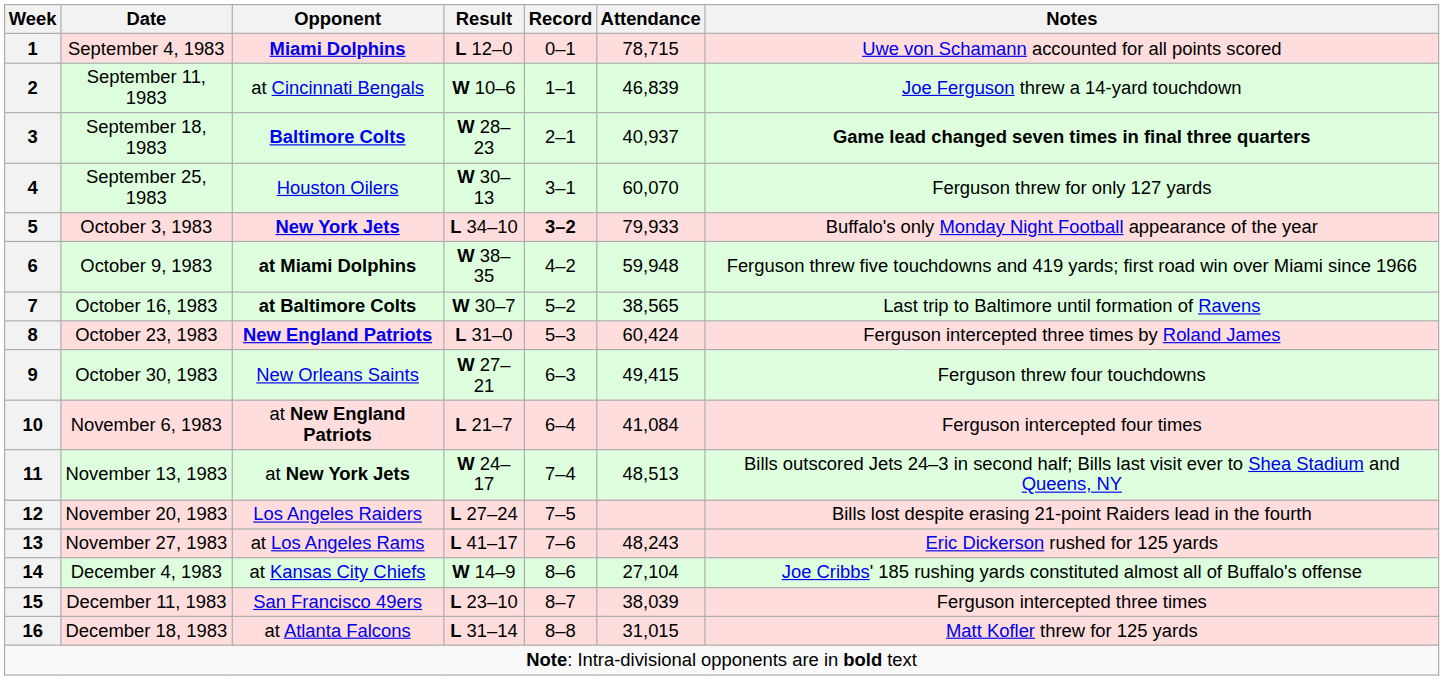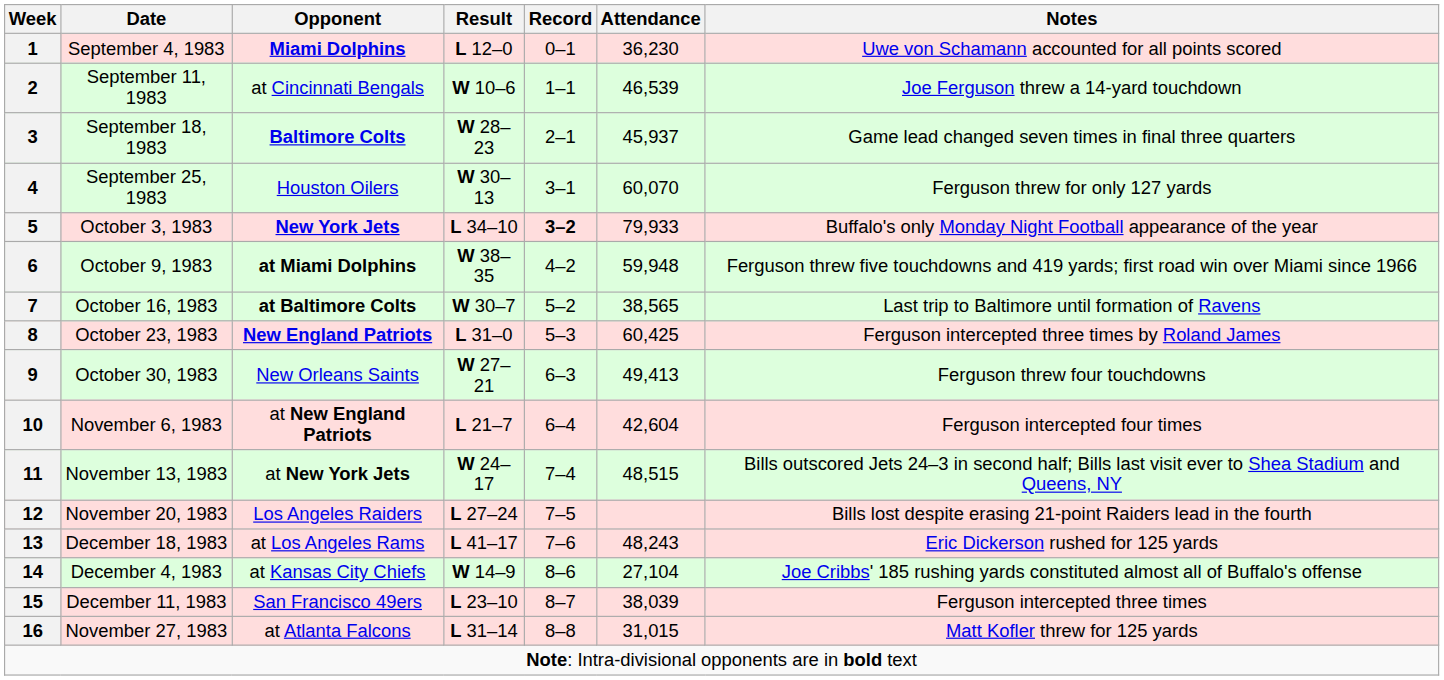 <table {| class="wikitable" style="text-align:center;">
 <tr>
 <th>Week</th>
 <th>Date</th>
 <th>Opponent</th>
 <th>Result</th>
 <th>Record</th>
 <th>Attendance</th>
 <th>Notes</th>
 </tr>
 <tr style="background: #ffdddd;">
 <th>1</th>
 <td>September 4, 1983</td>
 <td><a href='#'><strong>Miami Dolphins</strong></a></td>
 <td><strong>L</strong> 12–0</td>
 <td>0–1</td>
-<td>78,715</td>
+<td>36,230</td>
 <td><a href='#'>Uwe von Schamann</a> accounted for all points scored</td>
 </tr>
 <tr style="background: #ddffdd;">
 <th>2</th>
 <td>September 11, 1983</td>
 <td>at <a href='#'>Cincinnati Bengals</a></td>
 <td><strong>W</strong> 10–6</td>
 <td>1–1</td>
-<td>46,839</td>
+<td>46,539</td>
 <td><a href='#'>Joe Ferguson</a> threw a 14-yard touchdown</td>
 </tr>
 <tr style="background: #ddffdd;">
 <th>3</th>
 <td>September 18, 1983</td>
 <td><a href='#'><strong>Baltimore Colts</strong></a></td>
 <td><strong>W</strong> 28–23</td>
 <td>2–1</td>
-<td>40,937</td>
-<td><strong>Game lead changed seven times in final three quarters</strong></td>
+<td>45,937</td>
+<td>Game lead changed seven times in final three quarters</td>
 </tr>
 <tr style="background: #ddffdd;">
 <th>4</th>
 <td>September 25, 1983</td>
 <td><a href='#'>Houston Oilers</a></td>
 <td><strong>W</strong> 30–13</td>
 <td>3–1</td>
 <td>60,070</td>
 <td>Ferguson threw for only 127 yards</td>
 </tr>
 <tr style="background: #ffdddd;">
 <th>5</th>
 <td>October 3, 1983</td>
 <td><a href='#'><strong>New York Jets</strong></a></td>
 <td><strong>L</strong> 34–10</td>
 <td><strong>3–2</strong></td>
 <td>79,933</td>
 <td>Buffalo's only <a href='#'>Monday Night Football</a> appearance of the year</td>
 </tr>
 <tr style="background: #ddffdd;">
 <th>6</th>
 <td>October 9, 1983</td>
 <td><strong>at Miami Dolphins</strong></td>
 <td><strong>W</strong> 38–35</td>
 <td>4–2</td>
 <td>59,948</td>
 <td>Ferguson threw five touchdowns and 419 yards; first road win over Miami since 1966</td>
 </tr>
 <tr style="background: #ddffdd;">
 <th>7</th>
 <td>October 16, 1983</td>
 <td><strong>at Baltimore Colts</strong></td>
 <td><strong>W</strong> 30–7</td>
 <td>5–2</td>
 <td>38,565</td>
 <td>Last trip to Baltimore until formation of <a href='#'>Ravens</a></td>
 </tr>
 <tr style="background: #ffdddd;">
 <th>8</th>
 <td>October 23, 1983</td>
 <td><a href='#'><strong>New England Patriots</strong></a></td>
 <td><strong>L</strong> 31–0</td>
 <td>5–3</td>
-<td>60,424</td>
+<td>60,425</td>
 <td>Ferguson intercepted three times by <a href='#'>Roland James</a></td>
 </tr>
 <tr style="background: #ddffdd;">
 <th>9</th>
 <td>October 30, 1983</td>
 <td><a href='#'>New Orleans Saints</a></td>
 <td><strong>W</strong> 27–21</td>
 <td>6–3</td>
-<td>49,415</td>
+<td>49,413</td>
 <td>Ferguson threw four touchdowns</td>
 </tr>
 <tr style="background: #ffdddd;">
 <th>10</th>
 <td>November 6, 1983</td>
 <td>at <strong>New England Patriots</strong></td>
 <td><strong>L</strong> 21–7</td>
 <td>6–4</td>
-<td>41,084</td>
+<td>42,604</td>
 <td>Ferguson intercepted four times</td>
 </tr>
 <tr style="background: #ddffdd;">
 <th>11</th>
 <td>November 13, 1983</td>
 <td>at <strong>New York Jets</strong></td>
 <td><strong>W</strong> 24–17</td>
 <td>7–4</td>
-<td>48,513</td>
+<td>48,515</td>
 <td>Bills outscored Jets 24–3 in second half; Bills last visit ever to <a href='#'>Shea Stadium</a> and <a href='#'>Queens, NY</a></td>
 </tr>
 <tr style="background: #ffdddd;">
 <th>12</th>
 <td>November 20, 1983</td>
 <td><a href='#'>Los Angeles Raiders</a></td>
 <td><strong>L</strong> 27–24</td>
 <td>7–5</td>
 <td></td>
 <td>Bills lost despite erasing 21-point Raiders lead in the fourth</td>
 </tr>
 <tr style="background: #ffdddd;">
 <th>13</th>
-<td>November 27, 1983</td>
+<td>December 18, 1983</td>
 <td>at <a href='#'>Los Angeles Rams</a></td>
 <td><strong>L</strong> 41–17</td>
 <td>7–6</td>
 <td>48,243</td>
 <td><a href='#'>Eric Dickerson</a> rushed for 125 yards</td>
 </tr>
 <tr style="background: #ddffdd;">
 <th>14</th>
 <td>December 4, 1983</td>
 <td>at <a href='#'>Kansas City Chiefs</a></td>
 <td><strong>W</strong> 14–9</td>
 <td>8–6</td>
 <td>27,104</td>
 <td><a href='#'>Joe Cribbs</a>' 185 rushing yards constituted almost all of Buffalo's offense</td>
 </tr>
 <tr style="background: #ffdddd;">
 <th>15</th>
 <td>December 11, 1983</td>
 <td><a href='#'>San Francisco 49ers</a></td>
 <td><strong>L</strong> 23–10</td>
 <td>8–7</td>
 <td>38,039</td>
 <td>Ferguson intercepted three times</td>
 </tr>
 <tr style="background: #ffdddd;">
 <th>16</th>
-<td>December 18, 1983</td>
+<td>November 27, 1983</td>
 <td>at <a href='#'>Atlanta Falcons</a></td>
 <td><strong>L</strong> 31–14</td>
 <td>8–8</td>
 <td>31,015</td>
 <td><a href='#'>Matt Kofler</a> threw for 125 yards</td>
 </tr>
 <tr>
 <td colspan="7"><strong>Note</strong>: Intra-divisional opponents are in <strong>bold</strong> text</td>
 </tr>
 </table>
